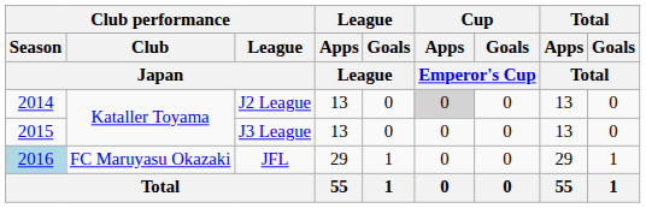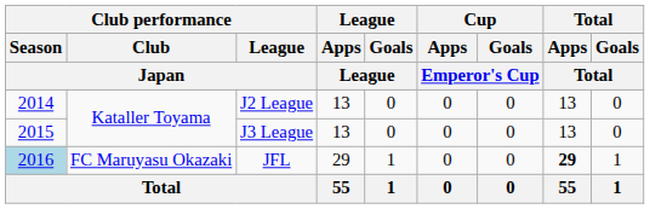 <table class="wikitable" style="text-align:center;">
 <tr>
 <th colspan=3>Club performance</th>
 <th colspan=2>League</th>
 <th colspan=2>Cup</th>
 <th colspan=2>Total</th>
 </tr>
 <tr>
 <th>Season</th>
 <th>Club</th>
 <th>League</th>
 <th>Apps</th>
 <th>Goals</th>
 <th>Apps</th>
 <th>Goals</th>
 <th>Apps</th>
 <th>Goals</th>
 </tr>
 <tr>
 <th colspan=3>Japan</th>
 <th colspan=2>League</th>
 <th colspan=2><a href='#'>Emperor's Cup</a></th>
 <th colspan=2>Total</th>
 </tr>
 <tr>
 <td><a href='#'>2014</a></td>
 <td rowspan="2"><a href='#'>Kataller Toyama</a></td>
 <td><a href='#'>J2 League</a></td>
 <td>13</td>
 <td>0</td>
-<td style="background: lightgrey;">0</td>
+<td>0</td>
 <td>0</td>
 <td>13</td>
 <td>0</td>
 </tr>
 <tr>
 <td><a href='#'>2015</a></td>
 <td><a href='#'>J3 League</a></td>
 <td>13</td>
 <td>0</td>
 <td>0</td>
 <td>0</td>
 <td>13</td>
 <td>0</td>
 </tr>
 <tr>
 <td style="background: lightblue;"><a href='#'>2016</a></td>
 <td rowspan="1"><a href='#'>FC Maruyasu Okazaki</a></td>
 <td rowspan="1"><a href='#'>JFL</a></td>
 <td>29</td>
 <td>1</td>
 <td>0</td>
 <td>0</td>
-<td>29</td>
+<td><strong>29</strong></td>
 <td>1</td>
 </tr>
 <tr>
 <th colspan=3>Total</th>
 <th>55</th>
 <th>1</th>
 <th>0</th>
 <th>0</th>
 <th>55</th>
 <th>1</th>
 </tr>
 </table>
